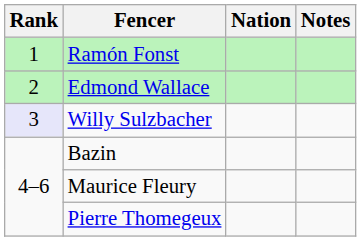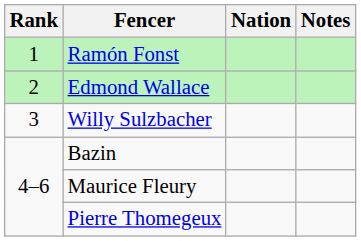 <table class="wikitable sortable" style="text-align:center">
 <tr>
 <th>Rank</th>
 <th>Fencer</th>
 <th>Nation</th>
 <th>Notes</th>
 </tr>
 <tr bgcolor=bbf3bb>
 <td>1</td>
 <td align=left><a href='#'>Ramón Fonst</a></td>
 <td align=left></td>
 <td></td>
 </tr>
 <tr bgcolor=bbf3bb>
 <td>2</td>
 <td align=left><a href='#'>Edmond Wallace</a></td>
 <td align=left></td>
 <td></td>
 </tr>
 <tr>
-<td style="background: lavender;">3</td>
+<td>3</td>
 <td align=left><a href='#'>Willy Sulzbacher</a></td>
 <td align=left></td>
 <td></td>
 </tr>
 <tr>
 <td rowspan=3 align=center>4–6</td>
 <td align=left>Bazin</td>
 <td align=left></td>
 <td></td>
 </tr>
 <tr>
 <td align=left>Maurice Fleury</td>
 <td align=left></td>
 <td></td>
 </tr>
 <tr>
 <td align=left><a href='#'>Pierre Thomegeux</a></td>
 <td align=left></td>
 <td></td>
 </tr>
 </table>
